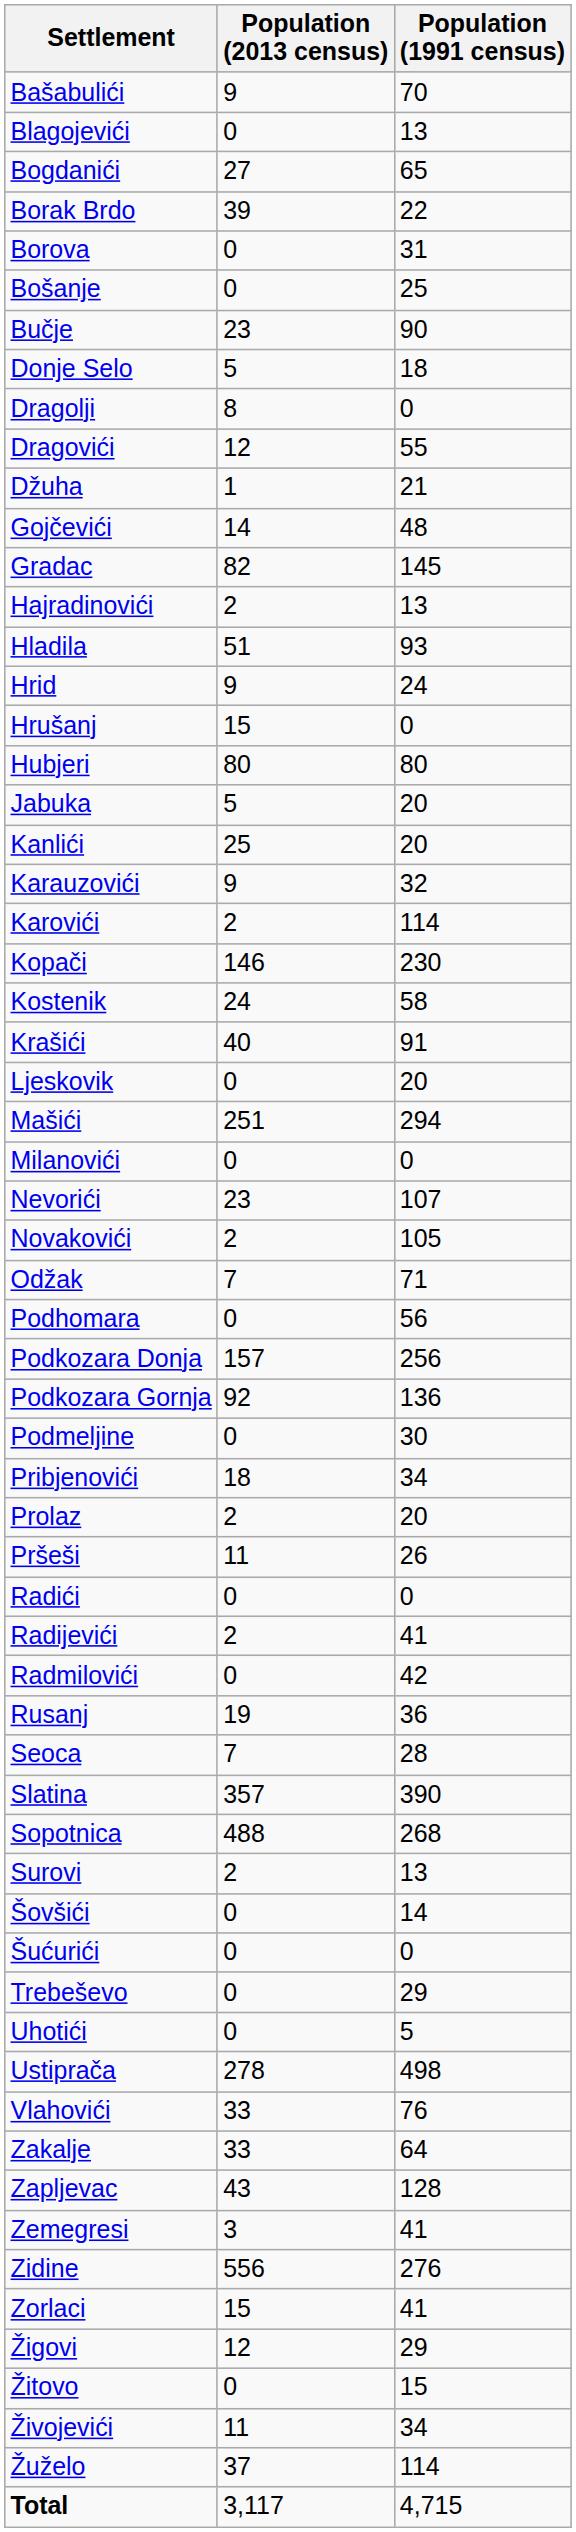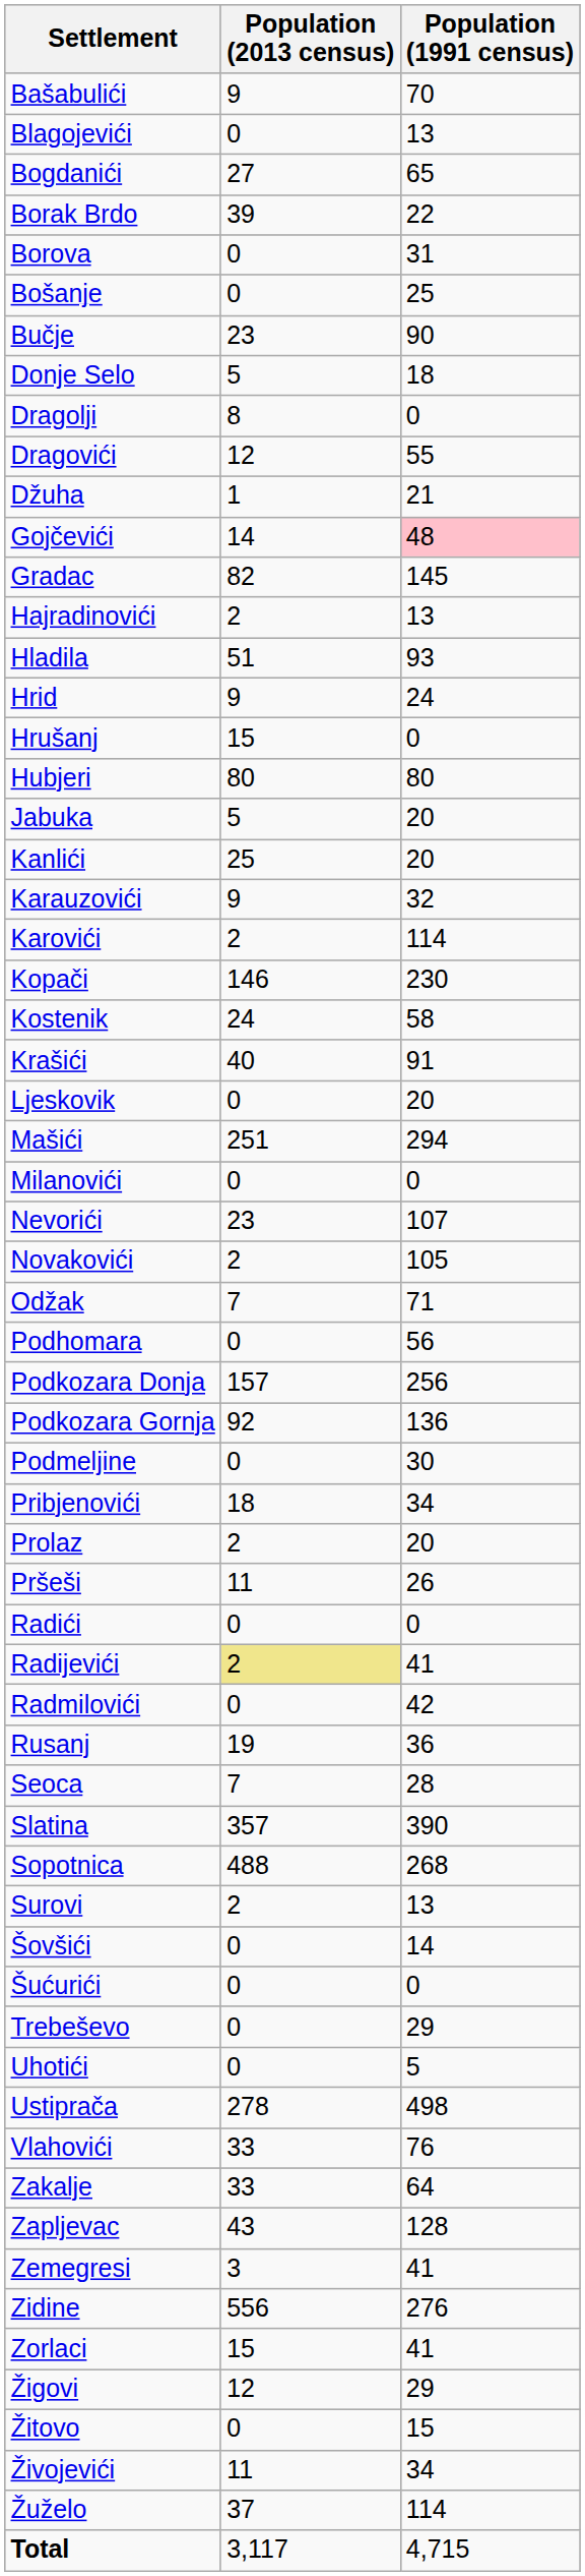 <table class="wikitable sortable">
 <tr>
 <th>Settlement</th>
 <th>Population<br>(2013 census)</th>
 <th>Population<br>(1991 census)</th>
 </tr>
 <tr>
 <td><a href='#'>Bašabulići</a></td>
 <td>9</td>
 <td>70</td>
 </tr>
 <tr>
 <td><a href='#'>Blagojevići</a></td>
 <td>0</td>
 <td>13</td>
 </tr>
 <tr>
 <td><a href='#'>Bogdanići</a></td>
 <td>27</td>
 <td>65</td>
 </tr>
 <tr>
 <td><a href='#'>Borak Brdo</a></td>
 <td>39</td>
 <td>22</td>
 </tr>
 <tr>
 <td><a href='#'>Borova</a></td>
 <td>0</td>
 <td>31</td>
 </tr>
 <tr>
 <td><a href='#'>Bošanje</a></td>
 <td>0</td>
 <td>25</td>
 </tr>
 <tr>
 <td><a href='#'>Bučje</a></td>
 <td>23</td>
 <td>90</td>
 </tr>
 <tr>
 <td><a href='#'>Donje Selo</a></td>
 <td>5</td>
 <td>18</td>
 </tr>
 <tr>
 <td><a href='#'>Dragolji</a></td>
 <td>8</td>
 <td>0</td>
 </tr>
 <tr>
 <td><a href='#'>Dragovići</a></td>
 <td>12</td>
 <td>55</td>
 </tr>
 <tr>
 <td><a href='#'>Džuha</a></td>
 <td>1</td>
 <td>21</td>
 </tr>
 <tr>
 <td><a href='#'>Gojčevići</a></td>
 <td>14</td>
-<td>48</td>
+<td style="background: pink;">48</td>
 </tr>
 <tr>
 <td><a href='#'>Gradac</a></td>
 <td>82</td>
 <td>145</td>
 </tr>
 <tr>
 <td><a href='#'>Hajradinovići</a></td>
 <td>2</td>
 <td>13</td>
 </tr>
 <tr>
 <td><a href='#'>Hladila</a></td>
 <td>51</td>
 <td>93</td>
 </tr>
 <tr>
 <td><a href='#'>Hrid</a></td>
 <td>9</td>
 <td>24</td>
 </tr>
 <tr>
 <td><a href='#'>Hrušanj</a></td>
 <td>15</td>
 <td>0</td>
 </tr>
 <tr>
 <td><a href='#'>Hubjeri</a></td>
 <td>80</td>
 <td>80</td>
 </tr>
 <tr>
 <td><a href='#'>Jabuka</a></td>
 <td>5</td>
 <td>20</td>
 </tr>
 <tr>
 <td><a href='#'>Kanlići</a></td>
 <td>25</td>
 <td>20</td>
 </tr>
 <tr>
 <td><a href='#'>Karauzovići</a></td>
 <td>9</td>
 <td>32</td>
 </tr>
 <tr>
 <td><a href='#'>Karovići</a></td>
 <td>2</td>
 <td>114</td>
 </tr>
 <tr>
 <td><a href='#'>Kopači</a></td>
 <td>146</td>
 <td>230</td>
 </tr>
 <tr>
 <td><a href='#'>Kostenik</a></td>
 <td>24</td>
 <td>58</td>
 </tr>
 <tr>
 <td><a href='#'>Krašići</a></td>
 <td>40</td>
 <td>91</td>
 </tr>
 <tr>
 <td><a href='#'>Ljeskovik</a></td>
 <td>0</td>
 <td>20</td>
 </tr>
 <tr>
 <td><a href='#'>Mašići</a></td>
 <td>251</td>
 <td>294</td>
 </tr>
 <tr>
 <td><a href='#'>Milanovići</a></td>
 <td>0</td>
 <td>0</td>
 </tr>
 <tr>
 <td><a href='#'>Nevorići</a></td>
 <td>23</td>
 <td>107</td>
 </tr>
 <tr>
 <td><a href='#'>Novakovići</a></td>
 <td>2</td>
 <td>105</td>
 </tr>
 <tr>
 <td><a href='#'>Odžak</a></td>
 <td>7</td>
 <td>71</td>
 </tr>
 <tr>
 <td><a href='#'>Podhomara</a></td>
 <td>0</td>
 <td>56</td>
 </tr>
 <tr>
 <td><a href='#'>Podkozara Donja</a></td>
 <td>157</td>
 <td>256</td>
 </tr>
 <tr>
 <td><a href='#'>Podkozara Gornja</a></td>
 <td>92</td>
 <td>136</td>
 </tr>
 <tr>
 <td><a href='#'>Podmeljine</a></td>
 <td>0</td>
 <td>30</td>
 </tr>
 <tr>
 <td><a href='#'>Pribjenovići</a></td>
 <td>18</td>
 <td>34</td>
 </tr>
 <tr>
 <td><a href='#'>Prolaz</a></td>
 <td>2</td>
 <td>20</td>
 </tr>
 <tr>
 <td><a href='#'>Pršeši</a></td>
 <td>11</td>
 <td>26</td>
 </tr>
 <tr>
 <td><a href='#'>Radići</a></td>
 <td>0</td>
 <td>0</td>
 </tr>
 <tr>
 <td><a href='#'>Radijevići</a></td>
-<td>2</td>
+<td style="background: khaki;">2</td>
 <td>41</td>
 </tr>
 <tr>
 <td><a href='#'>Radmilovići</a></td>
 <td>0</td>
 <td>42</td>
 </tr>
 <tr>
 <td><a href='#'>Rusanj</a></td>
 <td>19</td>
 <td>36</td>
 </tr>
 <tr>
 <td><a href='#'>Seoca</a></td>
 <td>7</td>
 <td>28</td>
 </tr>
 <tr>
 <td><a href='#'>Slatina</a></td>
 <td>357</td>
 <td>390</td>
 </tr>
 <tr>
 <td><a href='#'>Sopotnica</a></td>
 <td>488</td>
 <td>268</td>
 </tr>
 <tr>
 <td><a href='#'>Surovi</a></td>
 <td>2</td>
 <td>13</td>
 </tr>
 <tr>
 <td><a href='#'>Šovšići</a></td>
 <td>0</td>
 <td>14</td>
 </tr>
 <tr>
 <td><a href='#'>Šućurići</a></td>
 <td>0</td>
 <td>0</td>
 </tr>
 <tr>
 <td><a href='#'>Trebeševo</a></td>
 <td>0</td>
 <td>29</td>
 </tr>
 <tr>
 <td><a href='#'>Uhotići</a></td>
 <td>0</td>
 <td>5</td>
 </tr>
 <tr>
 <td><a href='#'>Ustiprača</a></td>
 <td>278</td>
 <td>498</td>
 </tr>
 <tr>
 <td><a href='#'>Vlahovići</a></td>
 <td>33</td>
 <td>76</td>
 </tr>
 <tr>
 <td><a href='#'>Zakalje</a></td>
 <td>33</td>
 <td>64</td>
 </tr>
 <tr>
 <td><a href='#'>Zapljevac</a></td>
 <td>43</td>
 <td>128</td>
 </tr>
 <tr>
 <td><a href='#'>Zemegresi</a></td>
 <td>3</td>
 <td>41</td>
 </tr>
 <tr>
 <td><a href='#'>Zidine</a></td>
 <td>556</td>
 <td>276</td>
 </tr>
 <tr>
 <td><a href='#'>Zorlaci</a></td>
 <td>15</td>
 <td>41</td>
 </tr>
 <tr>
 <td><a href='#'>Žigovi</a></td>
 <td>12</td>
 <td>29</td>
 </tr>
 <tr>
 <td><a href='#'>Žitovo</a></td>
 <td>0</td>
 <td>15</td>
 </tr>
 <tr>
 <td><a href='#'>Živojevići</a></td>
 <td>11</td>
 <td>34</td>
 </tr>
 <tr>
 <td><a href='#'>Žuželo</a></td>
 <td>37</td>
 <td>114</td>
 </tr>
 <tr>
 <td><strong>Total</strong></td>
 <td>3,117</td>
 <td>4,715</td>
 </tr>
 </table>
